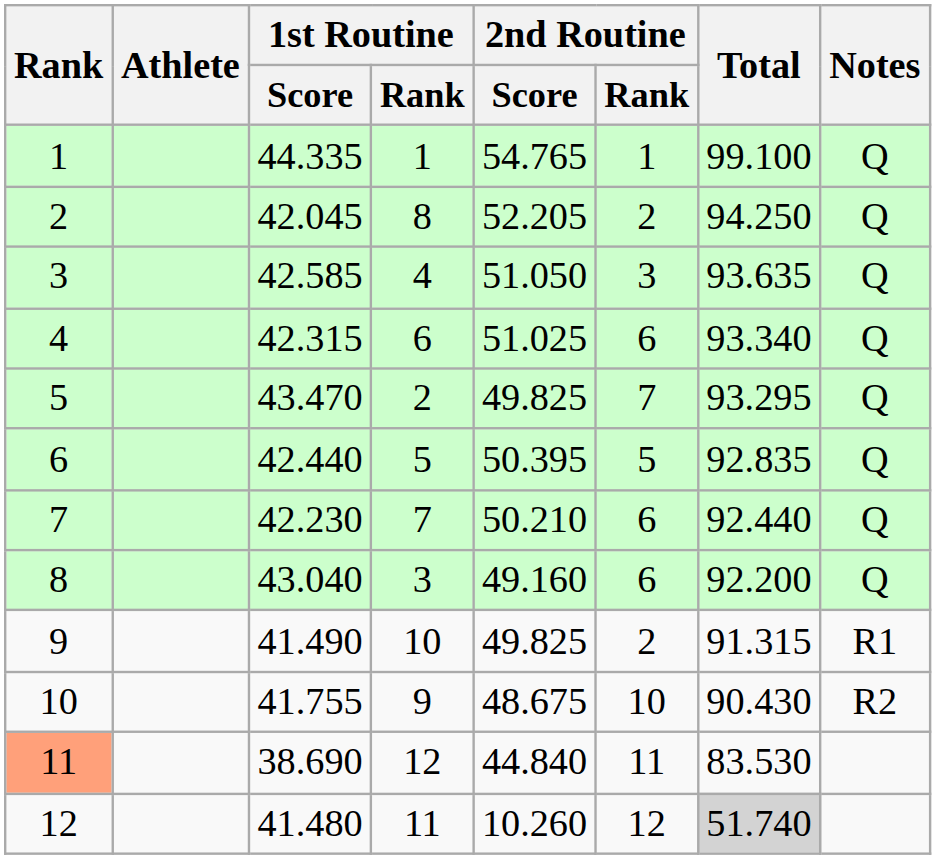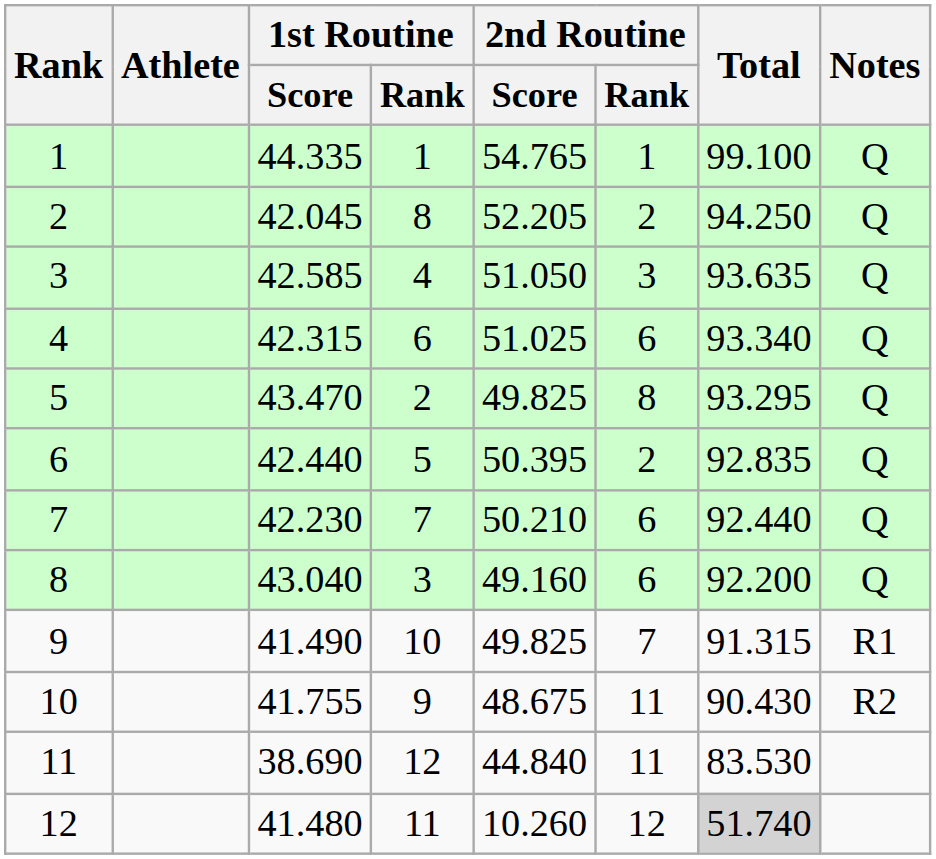 <table class=wikitable style="text-align:center">
 <tr>
 <th rowspan=2>Rank</th>
 <th rowspan=2>Athlete</th>
 <th colspan=2>1st Routine</th>
 <th colspan=2>2nd Routine</th>
 <th rowspan=2>Total</th>
 <th rowspan=2>Notes</th>
 </tr>
 <tr style="font-size:95%">
 <th>Score</th>
 <th>Rank</th>
 <th>Score</th>
 <th>Rank</th>
 </tr>
 <tr bgcolor=ccffcc>
 <td>1</td>
 <td align=left></td>
 <td>44.335</td>
 <td>1</td>
 <td>54.765</td>
 <td>1</td>
 <td>99.100</td>
 <td>Q</td>
 </tr>
 <tr bgcolor=ccffcc>
 <td>2</td>
 <td align=left></td>
 <td>42.045</td>
 <td>8</td>
 <td>52.205</td>
 <td>2</td>
 <td>94.250</td>
 <td>Q</td>
 </tr>
 <tr bgcolor=ccffcc>
 <td>3</td>
 <td align=left></td>
 <td>42.585</td>
 <td>4</td>
 <td>51.050</td>
 <td>3</td>
 <td>93.635</td>
 <td>Q</td>
 </tr>
 <tr bgcolor=ccffcc>
 <td>4</td>
 <td align=left></td>
 <td>42.315</td>
 <td>6</td>
 <td>51.025</td>
 <td>6</td>
 <td>93.340</td>
 <td>Q</td>
 </tr>
 <tr bgcolor=ccffcc>
 <td>5</td>
 <td align=left></td>
 <td>43.470</td>
 <td>2</td>
 <td>49.825</td>
-<td>7</td>
+<td>8</td>
 <td>93.295</td>
 <td>Q</td>
 </tr>
 <tr bgcolor=ccffcc>
 <td>6</td>
 <td align=left></td>
 <td>42.440</td>
 <td>5</td>
 <td>50.395</td>
-<td>5</td>
+<td>2</td>
 <td>92.835</td>
 <td>Q</td>
 </tr>
 <tr bgcolor=ccffcc>
 <td>7</td>
 <td align=left></td>
 <td>42.230</td>
 <td>7</td>
 <td>50.210</td>
 <td>6</td>
 <td>92.440</td>
 <td>Q</td>
 </tr>
 <tr bgcolor=ccffcc>
 <td>8</td>
 <td align=left></td>
 <td>43.040</td>
 <td>3</td>
 <td>49.160</td>
 <td>6</td>
 <td>92.200</td>
 <td>Q</td>
 </tr>
 <tr>
 <td>9</td>
 <td align=left></td>
 <td>41.490</td>
 <td>10</td>
 <td>49.825</td>
-<td>2</td>
+<td>7</td>
 <td>91.315</td>
 <td>R1</td>
 </tr>
 <tr>
 <td>10</td>
 <td align=left></td>
 <td>41.755</td>
 <td>9</td>
 <td>48.675</td>
-<td>10</td>
+<td>11</td>
 <td>90.430</td>
 <td>R2</td>
 </tr>
 <tr>
-<td style="background: lightsalmon;">11</td>
+<td>11</td>
 <td align=left></td>
 <td>38.690</td>
 <td>12</td>
 <td>44.840</td>
 <td>11</td>
 <td>83.530</td>
 <td></td>
 </tr>
 <tr>
 <td>12</td>
 <td align=left></td>
 <td>41.480</td>
 <td>11</td>
 <td>10.260</td>
 <td>12</td>
 <td style="background: lightgrey;">51.740</td>
 <td></td>
 </tr>
 </table>
